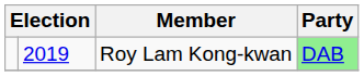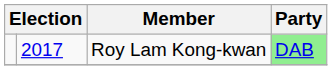 <table class="wikitable">
 <tr>
 <th colspan="2">Election</th>
 <th>Member</th>
 <th>Party</th>
 </tr>
 <tr>
 <td style="color:inherit;background:"></td>
-<td><a href='#'>2019</a></td>
+<td><a href='#'>2017</a></td>
 <td>Roy Lam Kong-kwan</td>
 <td style="background: lightgreen;"><a href='#'>DAB</a></td>
 </tr>
 <tr>
 </tr>
 </table>
